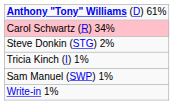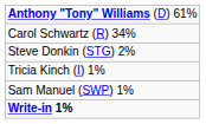 <table class="wikitable">
 <tr>
 <td><strong><a href='#'>Anthony "Tony" Williams</a></strong> (<a href='#'>D</a>) 61%</td>
 </tr>
 <tr>
-<td style="background: pink;">Carol Schwartz (<a href='#'>R</a>) 34%</td>
+<td>Carol Schwartz (<a href='#'>R</a>) 34%</td>
 </tr>
 <tr>
 <td>Steve Donkin (<a href='#'>STG</a>) 2%</td>
 </tr>
 <tr>
 <td>Tricia Kinch (<a href='#'>I</a>) 1%</td>
 </tr>
 <tr>
 <td>Sam Manuel (<a href='#'>SWP</a>) 1%</td>
 </tr>
 <tr>
-<td><a href='#'>Write-in</a> 1%</td>
+<td><strong><a href='#'>Write-in</a> 1%</strong></td>
 </tr>
 </table>
